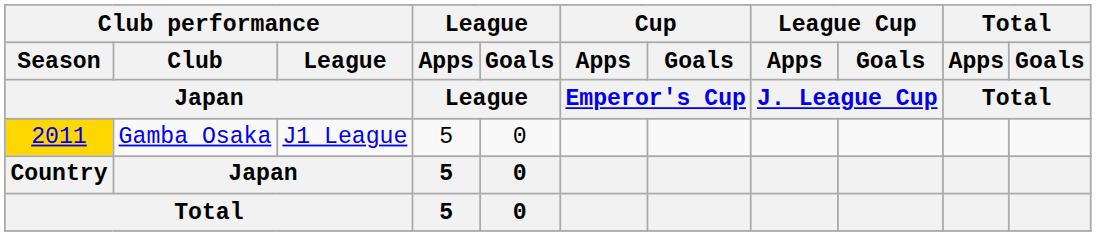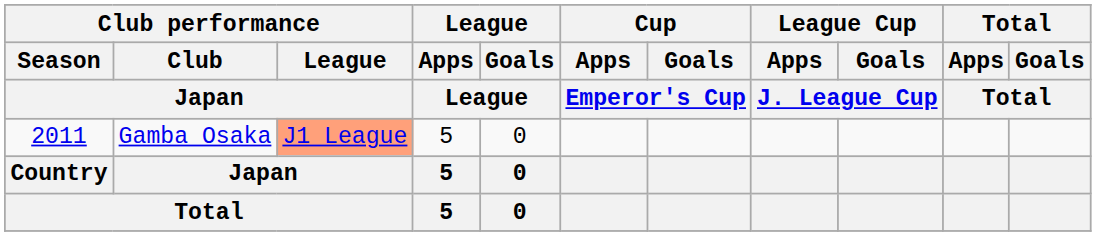 <table class="wikitable" style="text-align:center;">
 <tr>
 <th colspan=3>Club performance</th>
 <th colspan=2>League</th>
 <th colspan=2>Cup</th>
 <th colspan=2>League Cup</th>
 <th colspan=2>Total</th>
 </tr>
 <tr>
 <th>Season</th>
 <th>Club</th>
 <th>League</th>
 <th>Apps</th>
 <th>Goals</th>
 <th>Apps</th>
 <th>Goals</th>
 <th>Apps</th>
 <th>Goals</th>
 <th>Apps</th>
 <th>Goals</th>
 </tr>
 <tr>
 <th colspan=3>Japan</th>
 <th colspan=2>League</th>
 <th colspan=2><a href='#'>Emperor's Cup</a></th>
 <th colspan=2><a href='#'>J. League Cup</a></th>
 <th colspan=2>Total</th>
 </tr>
 <tr>
-<td style="background: gold;"><a href='#'>2011</a></td>
+<td><a href='#'>2011</a></td>
 <td><a href='#'>Gamba Osaka</a></td>
-<td><a href='#'>J1 League</a></td>
+<td style="background: lightsalmon;"><a href='#'>J1 League</a></td>
 <td>5</td>
 <td>0</td>
 <td></td>
 <td></td>
 <td></td>
 <td></td>
 <td></td>
 <td></td>
 </tr>
 <tr>
 <th rowspan=1>Country</th>
 <th colspan=2>Japan</th>
 <th>5</th>
 <th>0</th>
 <th></th>
 <th></th>
 <th></th>
 <th></th>
 <th></th>
 <th></th>
 </tr>
 <tr>
 <th colspan=3>Total</th>
 <th>5</th>
 <th>0</th>
 <th></th>
 <th></th>
 <th></th>
 <th></th>
 <th></th>
 <th></th>
 </tr>
 </table>
